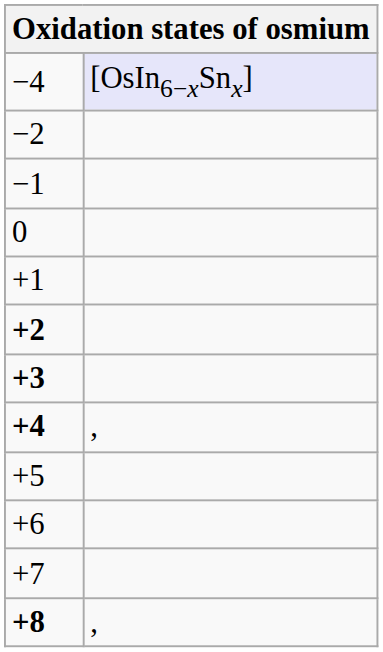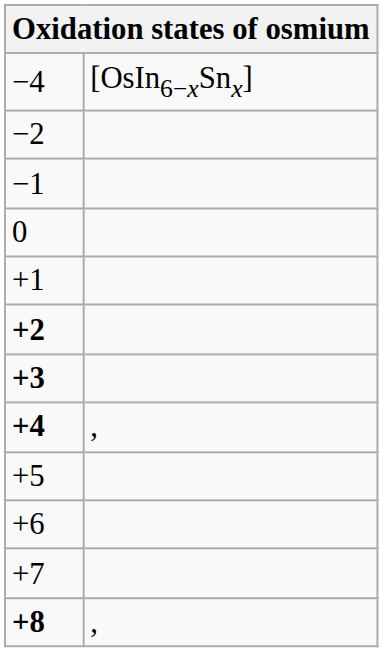 <table class="wikitable">
 <tr>
 <th colspan=2>Oxidation states of osmium</th>
 </tr>
 <tr>
 <td>−4</td>
-<td style="background: lavender;">[OsIn<sub>6−<em>x</em></sub>Sn<sub><em>x</em></sub>]</td>
+<td>[OsIn<sub>6−<em>x</em></sub>Sn<sub><em>x</em></sub>]</td>
 </tr>
 <tr>
 <td>−2</td>
 <td></td>
 </tr>
 <tr>
 <td>−1</td>
 <td></td>
 </tr>
 <tr>
 <td>0</td>
 <td><a href='#'></a></td>
 </tr>
 <tr>
 <td>+1</td>
 <td></td>
 </tr>
 <tr>
 <td><strong>+2</strong></td>
 <td></td>
 </tr>
 <tr>
 <td><strong>+3</strong></td>
 <td></td>
 </tr>
 <tr>
 <td><strong>+4</strong></td>
 <td><a href='#'></a>, <a href='#'></a></td>
 </tr>
 <tr>
 <td>+5</td>
 <td></td>
 </tr>
 <tr>
 <td>+6</td>
 <td><a href='#'></a></td>
 </tr>
 <tr>
 <td>+7</td>
 <td></td>
 </tr>
 <tr>
 <td><strong>+8</strong></td>
 <td><a href='#'></a>, </td>
 </tr>
 </table>
